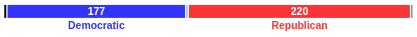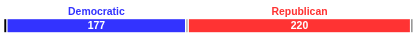 <table style="width:50%">
 <tr>
 <td scope="row" colspan="4" style="text-align:center"></td>
+</tr>
+<tr style="text-align:center;">
+<td style="color:#000"></td>
+<td scope="row" style="color:#33F"><strong>Democratic</strong></td>
+<td scope="row" style="color:#AAA"></td>
+<td style="color:#F33"><strong>Republican</strong></td>
+<td></td>
 </tr>
 <tr style="text-align:center;">
 <td style="background:#000; width:0.5%"></td>
 <td scope="row" style="background:#33F; width:44.25%; color:white"><strong>177</strong></td>
 <td scope="row" style="background:#AAA; width:0.25%"></td>
 <td style="background:#F33; width:55.25%; color:white"><strong>220</strong></td>
 <td style="background:Grey; width:0.25%"></td>
 </tr>
-<tr style="text-align:center;">
-<td style="color:#000"></td>
-<td scope="row" style="color:#33F"><strong>Democratic</strong></td>
-<td scope="row" style="color:#AAA"></td>
-<td style="color:#F33"><strong>Republican</strong></td>
-<td></td>
-</tr>
 </table>
